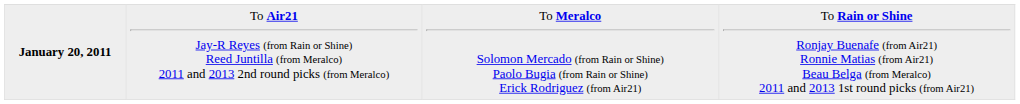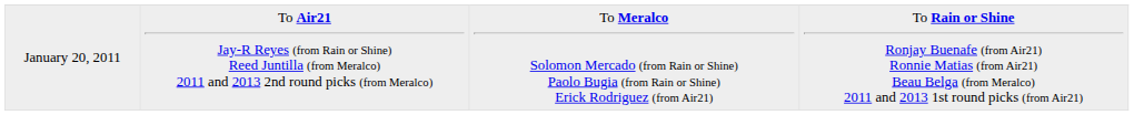 <table border=1 style="border-collapse:collapse; text-align: center; width: 100%" bordercolor="#DFDFDF"  cellpadding="5">
 <tr>
 </tr>
 <tr bgcolor="eeeeee">
-<td style="width:12%"><strong>January 20, 2011</strong></td>
+<td style="width:12%">January 20, 2011</td>
 <td style="width:29.3%" valign="top">To <strong><a href='#'>Air21</a></strong><hr><a href='#'>Jay-R Reyes</a> <small>(from Rain or Shine)</small> <br><a href='#'>Reed Juntilla</a> <small>(from Meralco)</small><br><a href='#'>2011</a> and <a href='#'>2013</a> 2nd round picks <small>(from Meralco)</small></td>
 <td style="width:29.3%" valign="top">To <strong><a href='#'>Meralco</a></strong><hr><br><a href='#'>Solomon Mercado</a> <small>(from Rain or Shine)</small> <br> <a href='#'>Paolo Bugia</a> <small>(from Rain or Shine)</small> <br> <a href='#'>Erick Rodriguez</a> <small>(from Air21)</small></td>
 <td style="width:29.3%" valign="top">To <strong><a href='#'>Rain or Shine</a></strong><hr><a href='#'>Ronjay Buenafe</a> <small>(from Air21)</small> <br> <a href='#'>Ronnie Matias</a> <small>(from Air21)</small><br> <a href='#'>Beau Belga</a> <small>(from Meralco)</small><br> <a href='#'>2011</a> and <a href='#'>2013</a> 1st round picks <small>(from Air21)</small></td>
 </tr>
 </table>
